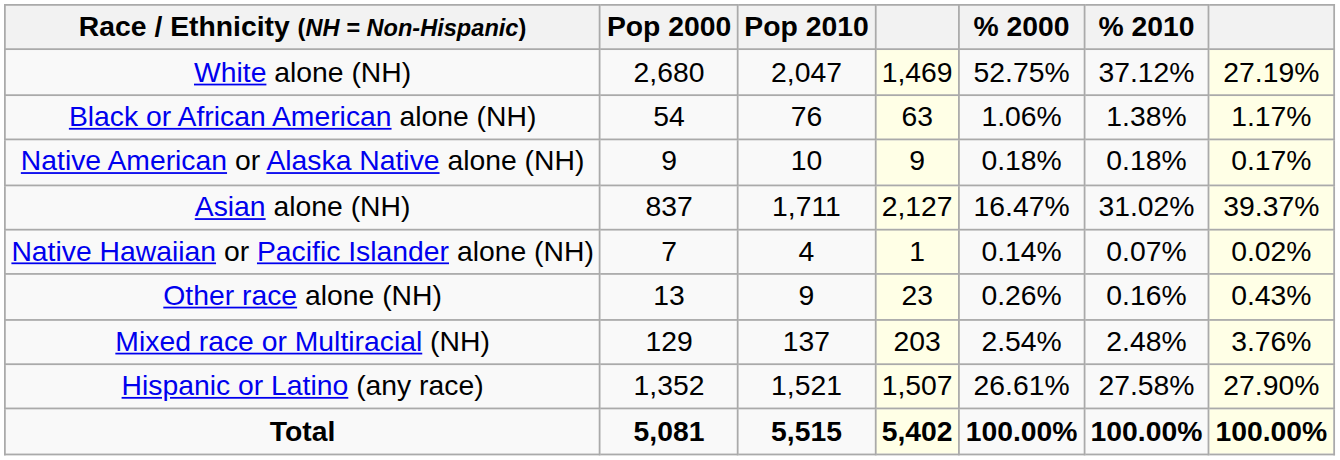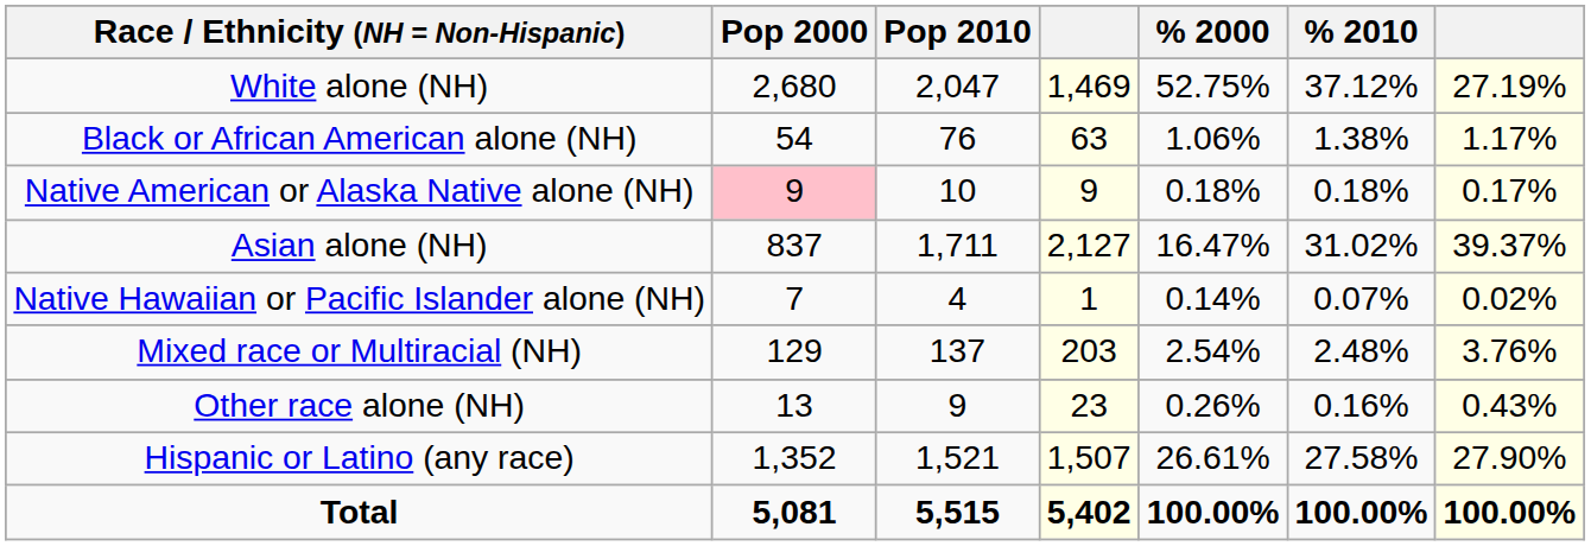 <table class="wikitable" style="text-align:center;">
 <tr>
 <th>Race / Ethnicity <small>(<em>NH = Non-Hispanic</em>)</small></th>
 <th>Pop 2000</th>
 <th>Pop 2010</th>
 <th></th>
 <th>% 2000</th>
 <th>% 2010</th>
 <th></th>
 </tr>
 <tr>
 <td><a href='#'>White</a> alone (NH)</td>
 <td>2,680</td>
 <td>2,047</td>
 <td style='background: #ffffe6;'>1,469</td>
 <td>52.75%</td>
 <td>37.12%</td>
 <td style='background: #ffffe6;'>27.19%</td>
 </tr>
 <tr>
 <td><a href='#'>Black or African American</a> alone (NH)</td>
 <td>54</td>
 <td>76</td>
 <td style='background: #ffffe6;'>63</td>
 <td>1.06%</td>
 <td>1.38%</td>
 <td style='background: #ffffe6;'>1.17%</td>
 </tr>
 <tr>
 <td><a href='#'>Native American</a> or <a href='#'>Alaska Native</a> alone (NH)</td>
-<td>9</td>
+<td style="background: pink;">9</td>
 <td>10</td>
 <td style='background: #ffffe6;'>9</td>
 <td>0.18%</td>
 <td>0.18%</td>
 <td style='background: #ffffe6;'>0.17%</td>
 </tr>
 <tr>
 <td><a href='#'>Asian</a> alone (NH)</td>
 <td>837</td>
 <td>1,711</td>
 <td style='background: #ffffe6;'>2,127</td>
 <td>16.47%</td>
 <td>31.02%</td>
 <td style='background: #ffffe6;'>39.37%</td>
 </tr>
 <tr>
 <td><a href='#'>Native Hawaiian</a> or <a href='#'>Pacific Islander</a> alone (NH)</td>
 <td>7</td>
 <td>4</td>
 <td style='background: #ffffe6;'>1</td>
 <td>0.14%</td>
 <td>0.07%</td>
 <td style='background: #ffffe6;'>0.02%</td>
 </tr>
 <tr>
+<td><a href='#'>Mixed race or Multiracial</a> (NH)</td>
+<td>129</td>
+<td>137</td>
+<td style='background: #ffffe6;'>203</td>
+<td>2.54%</td>
+<td>2.48%</td>
+<td style='background: #ffffe6;'>3.76%</td>
+</tr>
+<tr>
 <td><a href='#'>Other race</a> alone (NH)</td>
 <td>13</td>
 <td>9</td>
 <td style='background: #ffffe6;'>23</td>
 <td>0.26%</td>
 <td>0.16%</td>
 <td style='background: #ffffe6;'>0.43%</td>
-</tr>
-<tr>
-<td><a href='#'>Mixed race or Multiracial</a> (NH)</td>
-<td>129</td>
-<td>137</td>
-<td style='background: #ffffe6;'>203</td>
-<td>2.54%</td>
-<td>2.48%</td>
-<td style='background: #ffffe6;'>3.76%</td>
 </tr>
 <tr>
 <td><a href='#'>Hispanic or Latino</a> (any race)</td>
 <td>1,352</td>
 <td>1,521</td>
 <td style='background: #ffffe6;'>1,507</td>
 <td>26.61%</td>
 <td>27.58%</td>
 <td style='background: #ffffe6;'>27.90%</td>
 </tr>
 <tr>
 <td><strong>Total</strong></td>
 <td><strong>5,081</strong></td>
 <td><strong>5,515</strong></td>
 <td style='background: #ffffe6;'><strong>5,402</strong></td>
 <td><strong>100.00%</strong></td>
 <td><strong>100.00%</strong></td>
 <td style='background: #ffffe6;'><strong>100.00%</strong></td>
 </tr>
 </table>
